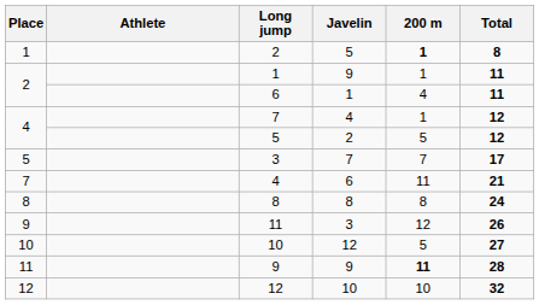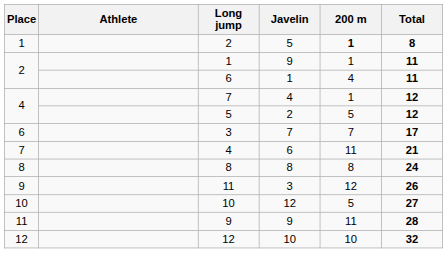 <table class=wikitable style="text-align:center">
 <tr>
 <th width=20>Place</th>
 <th width=220>Athlete</th>
 <th width=80>Long jump</th>
 <th width=80>Javelin</th>
 <th width=80>200 m</th>
 <th width=80>Total</th>
 </tr>
 <tr>
 <td>1</td>
 <td align=left></td>
 <td>2</td>
 <td>5</td>
 <td><strong>1</strong></td>
 <td><strong>8</strong></td>
 </tr>
 <tr>
 <td rowspan=2>2</td>
 <td align=left></td>
 <td>1</td>
 <td>9</td>
 <td>1</td>
 <td><strong>11</strong></td>
 </tr>
 <tr>
 <td align=left></td>
 <td>6</td>
 <td>1</td>
 <td>4</td>
 <td><strong>11</strong></td>
 </tr>
 <tr>
 <td rowspan=2>4</td>
 <td align=left></td>
 <td>7</td>
 <td>4</td>
 <td>1</td>
 <td><strong>12</strong></td>
 </tr>
 <tr>
 <td align=left></td>
 <td>5</td>
 <td>2</td>
 <td>5</td>
 <td><strong>12</strong></td>
 </tr>
 <tr>
-<td>5</td>
+<td>6</td>
 <td align=left></td>
 <td>3</td>
 <td>7</td>
 <td>7</td>
 <td><strong>17</strong></td>
 </tr>
 <tr>
 <td>7</td>
 <td align=left></td>
 <td>4</td>
 <td>6</td>
 <td>11</td>
 <td><strong>21</strong></td>
 </tr>
 <tr>
 <td>8</td>
 <td align=left></td>
 <td>8</td>
 <td>8</td>
 <td>8</td>
 <td><strong>24</strong></td>
 </tr>
 <tr>
 <td>9</td>
 <td align=left></td>
 <td>11</td>
 <td>3</td>
 <td>12</td>
 <td><strong>26</strong></td>
 </tr>
 <tr>
 <td>10</td>
 <td align=left></td>
 <td>10</td>
 <td>12</td>
 <td>5</td>
 <td><strong>27</strong></td>
 </tr>
 <tr>
 <td>11</td>
 <td align=left></td>
 <td>9</td>
 <td>9</td>
-<td><strong>11</strong></td>
+<td>11</td>
 <td><strong>28</strong></td>
 </tr>
 <tr>
 <td>12</td>
 <td align=left></td>
 <td>12</td>
 <td>10</td>
 <td>10</td>
 <td><strong>32</strong></td>
 </tr>
 </table>
